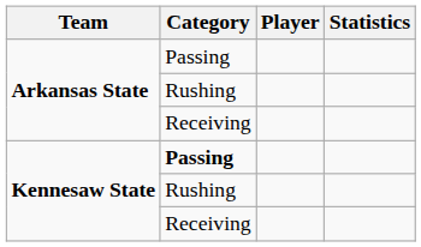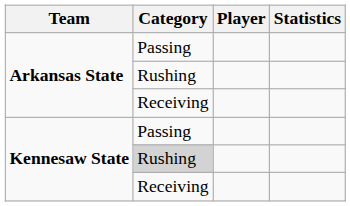 <table class="wikitable" style="float: right;">
 <tr>
 <th>Team</th>
 <th>Category</th>
 <th>Player</th>
 <th>Statistics</th>
 </tr>
 <tr>
 <td rowspan=3><strong>Arkansas State</strong></td>
 <td>Passing</td>
 <td></td>
 <td></td>
 </tr>
 <tr>
 <td>Rushing</td>
 <td></td>
 <td></td>
 </tr>
 <tr>
 <td>Receiving</td>
 <td></td>
 <td></td>
 </tr>
 <tr>
 <td rowspan=3><strong>Kennesaw State</strong></td>
-<td><strong>Passing</strong></td>
+<td>Passing</td>
 <td></td>
 <td></td>
 </tr>
 <tr>
-<td>Rushing</td>
+<td style="background: lightgrey;">Rushing</td>
 <td></td>
 <td></td>
 </tr>
 <tr>
 <td>Receiving</td>
 <td></td>
 <td></td>
 </tr>
 </table>
